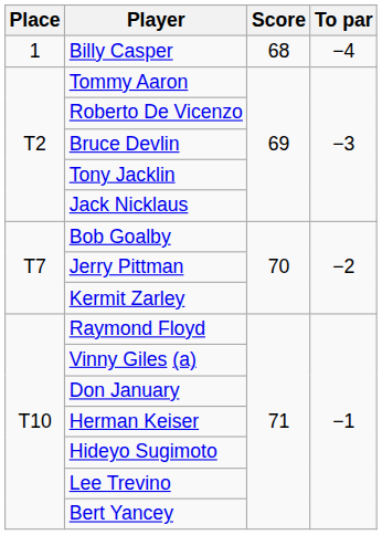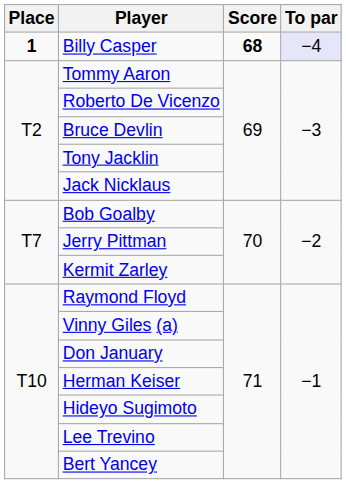 <table class="wikitable">
 <tr>
 <th>Place</th>
 <th>Player</th>
 <th>Score</th>
 <th>To par</th>
 </tr>
 <tr>
-<td align="center">1</td>
+<td align="center"><strong>1</strong></td>
 <td> <a href='#'>Billy Casper</a></td>
-<td align="center">68</td>
-<td align="center">−4</td>
+<td align="center"><strong>68</strong></td>
+<td align="center" style="background: lavender;">−4</td>
 </tr>
 <tr>
 <td rowspan="5" align="center">T2</td>
 <td> <a href='#'>Tommy Aaron</a></td>
 <td rowspan="5" align="center">69</td>
 <td rowspan="5" align="center">−3</td>
 </tr>
 <tr>
 <td> <a href='#'>Roberto De Vicenzo</a></td>
 </tr>
 <tr>
 <td> <a href='#'>Bruce Devlin</a></td>
 </tr>
 <tr>
 <td> <a href='#'>Tony Jacklin</a></td>
 </tr>
 <tr>
 <td> <a href='#'>Jack Nicklaus</a></td>
 </tr>
 <tr>
 <td rowspan="3" align="center">T7</td>
 <td> <a href='#'>Bob Goalby</a></td>
 <td rowspan="3" align="center">70</td>
 <td rowspan="3" align="center">−2</td>
 </tr>
 <tr>
 <td> <a href='#'>Jerry Pittman</a></td>
 </tr>
 <tr>
 <td> <a href='#'>Kermit Zarley</a></td>
 </tr>
 <tr>
 <td rowspan="7" align="center">T10</td>
 <td> <a href='#'>Raymond Floyd</a></td>
 <td rowspan="7" align="center">71</td>
 <td rowspan="7" align="center">−1</td>
 </tr>
 <tr>
 <td> <a href='#'>Vinny Giles</a> <a href='#'>(a)</a></td>
 </tr>
 <tr>
 <td> <a href='#'>Don January</a></td>
 </tr>
 <tr>
 <td> <a href='#'>Herman Keiser</a></td>
 </tr>
 <tr>
 <td> <a href='#'>Hideyo Sugimoto</a></td>
 </tr>
 <tr>
 <td> <a href='#'>Lee Trevino</a></td>
 </tr>
 <tr>
 <td> <a href='#'>Bert Yancey</a></td>
 </tr>
 </table>
